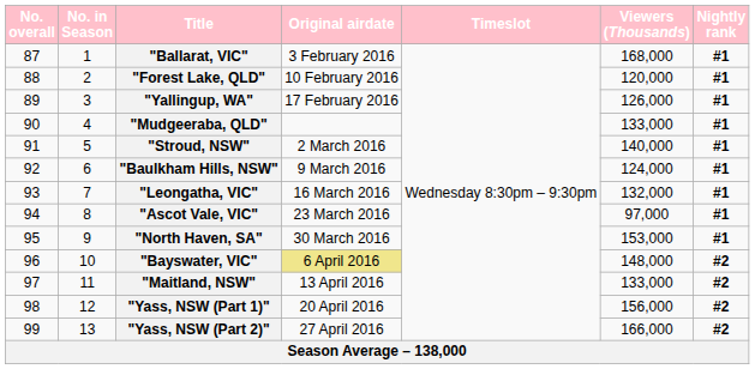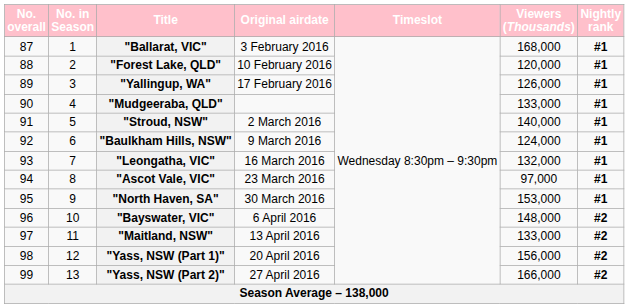 <table class="wikitable" style="text-align:center;">
 <tr>
 <th scope="col" style="background:pink; color:white;">No. <br>overall</th>
 <th scope="col" style="background:pink; color:white;">No. in<br> Season</th>
 <th scope="col" style="background:pink; color:white;">Title</th>
 <th scope="col" style="background:pink; color:white;">Original airdate</th>
 <th scope="row" style="background:pink; color:white;">Timeslot</th>
 <th scope="col" style="background:pink; color:white;">Viewers<br>(<em>Thousands</em>)</th>
 <th scope="col" style="background:pink; color:white;">Nightly<br>rank</th>
 </tr>
 <tr>
 <td>87</td>
 <td>1</td>
 <th>"Ballarat, VIC"</th>
 <td>3 February 2016</td>
 <td rowspan="13">Wednesday 8:30pm – 9:30pm</td>
 <td>168,000</td>
 <td><strong>#1</strong></td>
 </tr>
 <tr>
 <td>88</td>
 <td>2</td>
 <th>"Forest Lake, QLD"</th>
 <td>10 February 2016</td>
 <td>120,000</td>
 <td><strong>#1</strong></td>
 </tr>
 <tr>
 <td>89</td>
 <td>3</td>
 <th>"Yallingup, WA"</th>
 <td>17 February 2016</td>
 <td>126,000</td>
 <td><strong>#1</strong></td>
 </tr>
 <tr>
 <td>90</td>
 <td>4</td>
 <th>"Mudgeeraba, QLD"</th>
 <td></td>
 <td>133,000</td>
 <td><strong>#1</strong></td>
 </tr>
 <tr>
 <td>91</td>
 <td>5</td>
 <th>"Stroud, NSW"</th>
 <td>2 March 2016</td>
 <td>140,000</td>
 <td><strong>#1</strong></td>
 </tr>
 <tr>
 <td>92</td>
 <td>6</td>
 <th>"Baulkham Hills, NSW"</th>
 <td>9 March 2016</td>
 <td>124,000</td>
 <td><strong>#1</strong></td>
 </tr>
 <tr>
 <td>93</td>
 <td>7</td>
 <th>"Leongatha, VIC"</th>
 <td>16 March 2016</td>
 <td>132,000</td>
 <td><strong>#1</strong></td>
 </tr>
 <tr>
 <td>94</td>
 <td>8</td>
 <th>"Ascot Vale, VIC"</th>
 <td>23 March 2016</td>
 <td>97,000</td>
 <td><strong>#1</strong></td>
 </tr>
 <tr>
 <td>95</td>
 <td>9</td>
 <th>"North Haven, SA"</th>
 <td>30 March 2016</td>
 <td>153,000</td>
 <td><strong>#1</strong></td>
 </tr>
 <tr>
 <td>96</td>
 <td>10</td>
 <th>"Bayswater, VIC"</th>
-<td style="background: khaki;">6 April 2016</td>
+<td>6 April 2016</td>
 <td>148,000</td>
 <td><strong>#2</strong></td>
 </tr>
 <tr>
 <td>97</td>
 <td>11</td>
 <th>"Maitland, NSW"</th>
 <td>13 April 2016</td>
 <td>133,000</td>
 <td><strong>#2</strong></td>
 </tr>
 <tr>
 <td>98</td>
 <td>12</td>
 <th>"Yass, NSW (Part 1)"</th>
 <td>20 April 2016</td>
 <td>156,000</td>
 <td><strong>#2</strong></td>
 </tr>
 <tr>
 <td>99</td>
 <td>13</td>
 <th>"Yass, NSW (Part 2)"</th>
 <td>27 April 2016</td>
 <td>166,000</td>
 <td><strong>#2</strong></td>
 </tr>
 <tr>
 <th colspan="7">Season Average – 138,000</th>
 </tr>
 </table>
